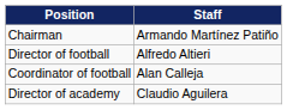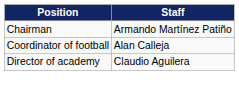 <table class="wikitable">
 <tr>
 <th style=background-color:#122562;color:#ffffff>Position</th>
 <th style=background-color:#122562;color:#ffffff>Staff</th>
 </tr>
 <tr>
 <td>Chairman</td>
 <td> Armando Martínez Patiño</td>
 </tr>
 <tr>
-<td>Director of football</td>
-<td> Alfredo Altieri</td>
-</tr>
-<tr>
 <td>Coordinator of football</td>
 <td> Alan Calleja</td>
 </tr>
 <tr>
 <td>Director of academy</td>
 <td> Claudio Aguilera</td>
 </tr>
 </table>
